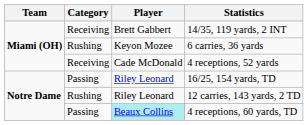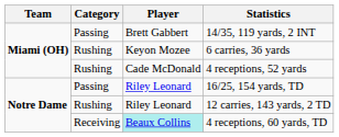 <table class="wikitable" style="float: right;">
 <tr>
 <th>Team</th>
 <th>Category</th>
 <th>Player</th>
 <th>Statistics</th>
 </tr>
 <tr>
 <td rowspan=3><strong>Miami (OH)</strong></td>
-<td>Receiving</td>
+<td>Passing</td>
 <td>Brett Gabbert</td>
 <td>14/35, 119 yards, 2 INT</td>
 </tr>
 <tr>
 <td>Rushing</td>
 <td>Keyon Mozee</td>
 <td>6 carries, 36 yards</td>
 </tr>
 <tr>
-<td>Receiving</td>
+<td>Rushing</td>
 <td>Cade McDonald</td>
 <td>4 receptions, 52 yards</td>
 </tr>
 <tr>
 <td rowspan=3><strong>Notre Dame</strong></td>
 <td>Passing</td>
 <td><a href='#'>Riley Leonard</a></td>
 <td>16/25, 154 yards, TD</td>
 </tr>
 <tr>
 <td>Rushing</td>
 <td>Riley Leonard</td>
 <td>12 carries, 143 yards, 2 TD</td>
 </tr>
 <tr>
-<td>Passing</td>
+<td>Receiving</td>
 <td style="background: paleturquoise;"><a href='#'>Beaux Collins</a></td>
 <td>4 receptions, 60 yards, TD</td>
 </tr>
 </table>
